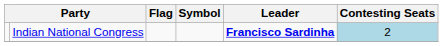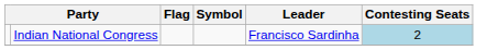 <table class="wikitable " style="text-align:center">
 <tr>
 <th colspan="2">Party</th>
 <th>Flag</th>
 <th>Symbol</th>
 <th>Leader</th>
 <th>Contesting Seats</th>
 </tr>
 <tr>
 <td></td>
 <td><a href='#'>Indian National Congress</a></td>
 <td></td>
 <td></td>
-<td><strong><a href='#'>Francisco Sardinha</a></strong></td>
+<td><a href='#'>Francisco Sardinha</a></td>
 <td style="background: lightblue;">2</td>
 </tr>
 <tr>
 </tr>
 </table>
